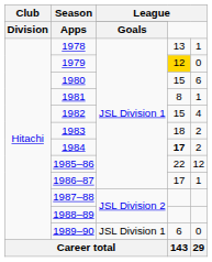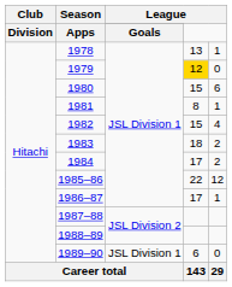 <table class="wikitable" style="text-align:center">
 <tr>
 <th rowspan="2">Club</th>
 <th rowspan="2">Season</th>
 <th colspan="3">League</th>
 </tr>
 <tr>
 </tr>
 <tr>
 <th>Division</th>
 <th>Apps</th>
 <th>Goals</th>
 </tr>
 <tr>
 <td rowspan="12"><a href='#'>Hitachi</a></td>
 <td><a href='#'>1978</a></td>
 <td rowspan="9"><a href='#'>JSL Division 1</a></td>
 <td>13</td>
 <td>1</td>
 </tr>
 <tr>
 <td><a href='#'>1979</a></td>
 <td style="background: gold;">12</td>
 <td>0</td>
 </tr>
 <tr>
 <td><a href='#'>1980</a></td>
 <td>15</td>
 <td>6</td>
 </tr>
 <tr>
 <td><a href='#'>1981</a></td>
 <td>8</td>
 <td>1</td>
 </tr>
 <tr>
 <td><a href='#'>1982</a></td>
 <td>15</td>
 <td>4</td>
 </tr>
 <tr>
 <td><a href='#'>1983</a></td>
 <td>18</td>
 <td>2</td>
 </tr>
 <tr>
 <td><a href='#'>1984</a></td>
-<td><strong>17</strong></td>
+<td>17</td>
 <td>2</td>
 </tr>
 <tr>
 <td><a href='#'>1985–86</a></td>
 <td>22</td>
 <td>12</td>
 </tr>
 <tr>
 <td><a href='#'>1986–87</a></td>
 <td>17</td>
 <td>1</td>
 </tr>
 <tr>
 <td><a href='#'>1987–88</a></td>
 <td rowspan="2"><a href='#'>JSL Division 2</a></td>
 <td></td>
 <td></td>
 </tr>
 <tr>
 <td><a href='#'>1988–89</a></td>
 <td></td>
 <td></td>
 </tr>
 <tr>
 <td><a href='#'>1989–90</a></td>
 <td>JSL Division 1</td>
 <td>6</td>
 <td>0</td>
 </tr>
 <tr>
 <th colspan="3">Career total</th>
 <th>143</th>
 <th>29</th>
 </tr>
 </table>
